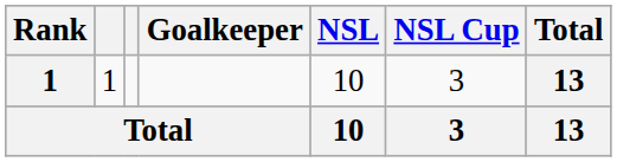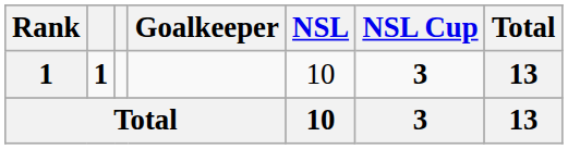 <table class="wikitable sortable" style="text-align:center">
 <tr>
 <th>Rank</th>
 <th></th>
 <th></th>
 <th>Goalkeeper</th>
 <th><a href='#'>NSL</a></th>
 <th><a href='#'>NSL Cup</a></th>
 <th>Total</th>
 </tr>
 <tr>
 <th>1</th>
-<td>1</td>
+<td><strong>1</strong></td>
 <td></td>
 <td align="left"></td>
 <td>10</td>
-<td>3</td>
+<td><strong>3</strong></td>
 <th>13</th>
 </tr>
 <tr>
 <th colspan="4">Total</th>
 <th>10</th>
 <th>3</th>
 <th>13</th>
 </tr>
 </table>
